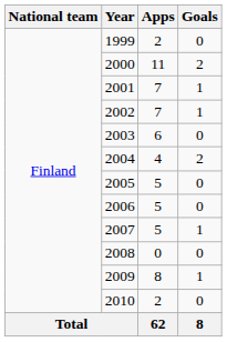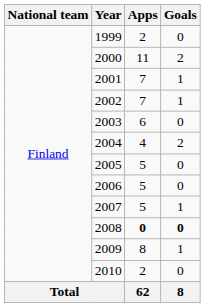 <table class="wikitable" style="text-align:center">
 <tr>
 <th>National team</th>
 <th>Year</th>
 <th>Apps</th>
 <th>Goals</th>
 </tr>
 <tr>
 <td rowspan="12"><a href='#'>Finland</a></td>
 <td>1999</td>
 <td>2</td>
 <td>0</td>
 </tr>
 <tr>
 <td>2000</td>
 <td>11</td>
 <td>2</td>
 </tr>
 <tr>
 <td>2001</td>
 <td>7</td>
 <td>1</td>
 </tr>
 <tr>
 <td>2002</td>
 <td>7</td>
 <td>1</td>
 </tr>
 <tr>
 <td>2003</td>
 <td>6</td>
 <td>0</td>
 </tr>
 <tr>
 <td>2004</td>
 <td>4</td>
 <td>2</td>
 </tr>
 <tr>
 <td>2005</td>
 <td>5</td>
 <td>0</td>
 </tr>
 <tr>
 <td>2006</td>
 <td>5</td>
 <td>0</td>
 </tr>
 <tr>
 <td>2007</td>
 <td>5</td>
 <td>1</td>
 </tr>
 <tr>
 <td>2008</td>
-<td>0</td>
-<td>0</td>
+<td><strong>0</strong></td>
+<td><strong>0</strong></td>
 </tr>
 <tr>
 <td>2009</td>
 <td>8</td>
 <td>1</td>
 </tr>
 <tr>
 <td>2010</td>
 <td>2</td>
 <td>0</td>
 </tr>
 <tr>
 <th colspan="2">Total</th>
 <th>62</th>
 <th>8</th>
 </tr>
 </table>
